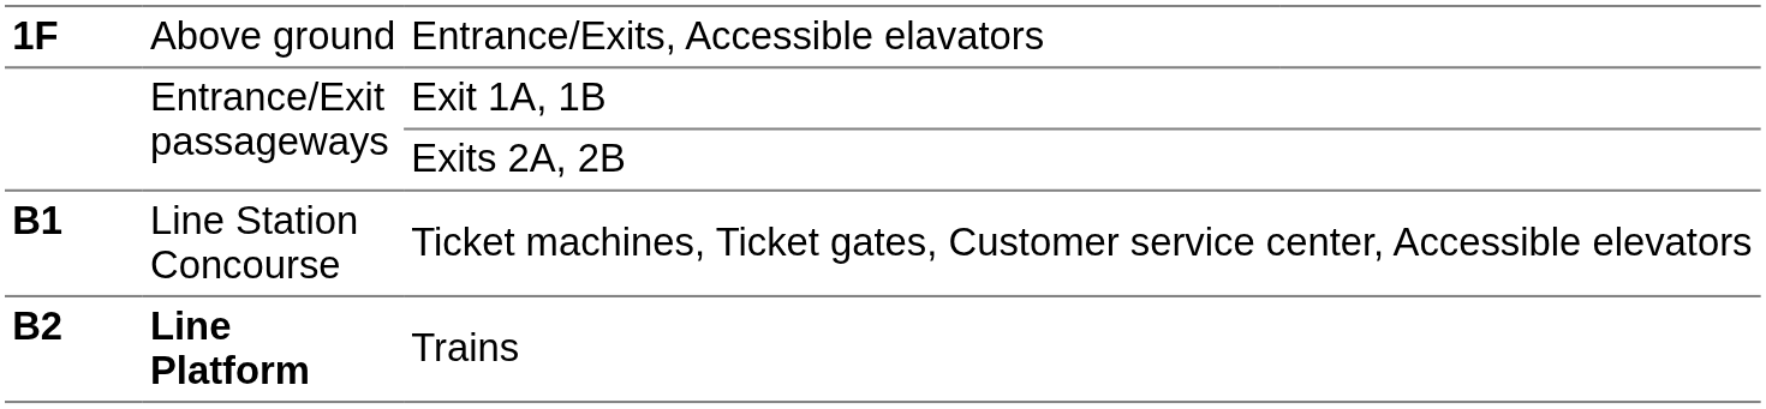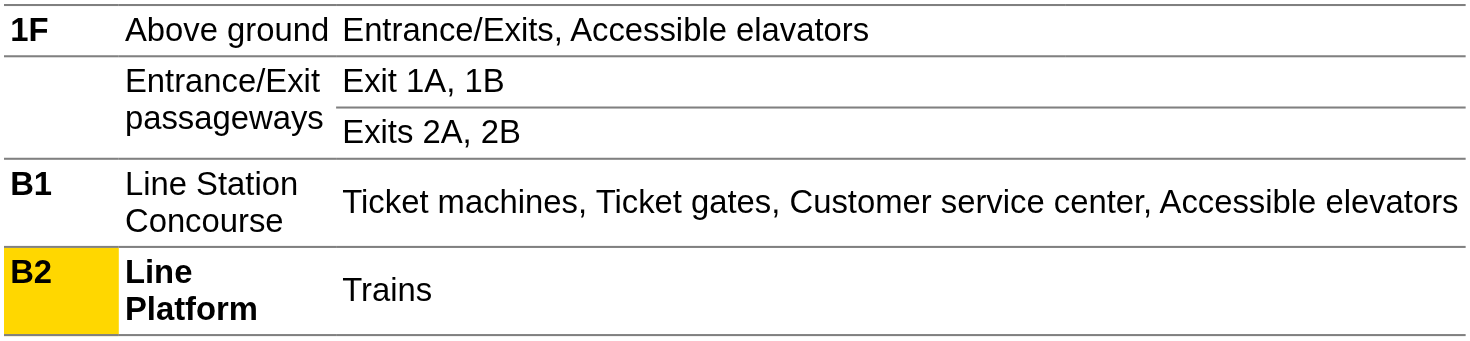 <table cellspacing=0 cellpadding=3>
 <tr>
 <td style="width:50px;border-top:solid 1px gray;border-bottom:solid 1px gray;"><strong>1F</strong></td>
 <td style="width:100px;border-top:solid 1px gray;border-bottom:solid 1px gray;">Above ground</td>
 <td style="width:350px;border-top:solid 1px gray;border-bottom:solid 1px gray;">Entrance/Exits, Accessible elavators</td>
 <td style="border-top:solid 1px gray;border-bottom:solid 1px gray; "></td>
 </tr>
 <tr>
 <td style="border-bottom:solid 1px gray;" rowspan=2></td>
 <td style="border-bottom:solid 1px gray;" rowspan=2 valign=top>Entrance/Exit passageways</td>
 <td style="border-bottom:solid 1px gray;" colspan=2>Exit 1A, 1B</td>
 </tr>
 <tr>
 <td style="border-bottom:solid 1px gray;" colspan=2>Exits 2A, 2B</td>
 </tr>
 <tr>
 <td style="border-bottom:solid 1px gray;" valign=top><strong>B1</strong></td>
 <td style="border-bottom:solid 1px gray;"> Line Station Concourse</td>
 <td style="border-bottom:solid 1px gray;" colspan=2>Ticket machines, Ticket gates, Customer service center, Accessible elevators</td>
 </tr>
 <tr>
-<td style="border-bottom:solid 1px gray;" valign=top><strong>B2</strong></td>
+<td style="background: gold; border-bottom:solid 1px gray;" valign=top><strong>B2</strong></td>
 <td style="border-bottom:solid 1px gray;"><strong> Line Platform</strong></td>
 <td style="border-bottom:solid 1px gray;" colspan=2>Trains</td>
 </tr>
 <tr>
 </tr>
 </table>
